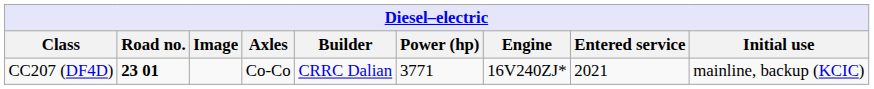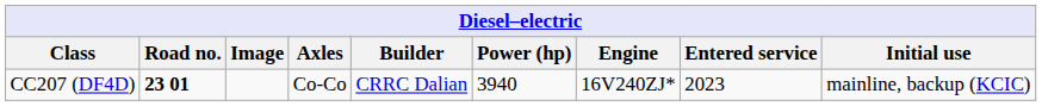 <table class="wikitable">
 <tr>
 <th colspan="9" style="align: centre; background: lavender;"><a href='#'>Diesel–electric</a></th>
 </tr>
 <tr>
 <th>Class</th>
 <th>Road no.</th>
 <th>Image</th>
 <th>Axles</th>
 <th>Builder</th>
 <th>Power (hp)</th>
 <th>Engine</th>
 <th>Entered service</th>
 <th>Initial use</th>
 </tr>
 <tr>
 <td>CC207 (<a href='#'>DF4D</a>)</td>
 <td><strong>23 01</strong></td>
 <td></td>
 <td>Co-Co</td>
 <td> <a href='#'>CRRC Dalian</a></td>
-<td>3771</td>
+<td>3940</td>
 <td>16V240ZJ*</td>
-<td>2021</td>
+<td>2023</td>
 <td>mainline, backup (<a href='#'>KCIC</a>)</td>
 </tr>
 </table>
